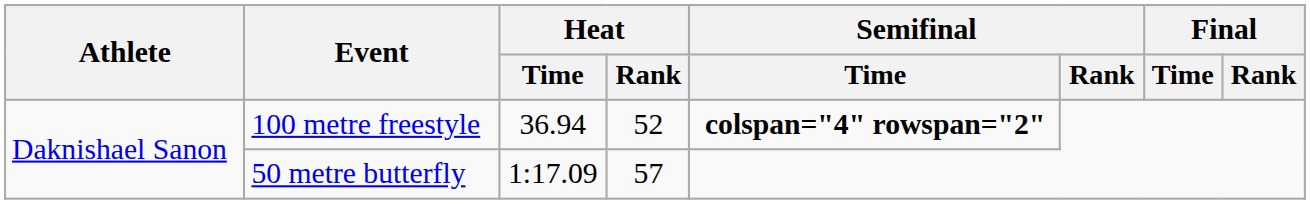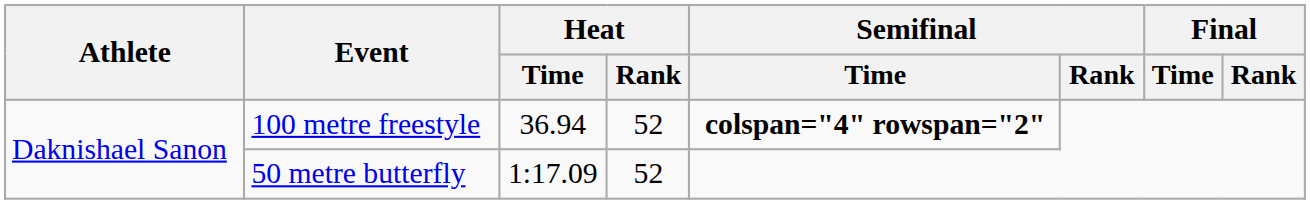 <table class="wikitable" style="text-align:center; font-size:90%; width:50%;">
 <tr>
 <th rowspan="2">Athlete</th>
 <th rowspan="2">Event</th>
 <th colspan="2">Heat</th>
 <th colspan="2">Semifinal</th>
 <th colspan="2">Final</th>
 </tr>
 <tr style="font-size:95%">
 <th>Time</th>
 <th>Rank</th>
 <th>Time</th>
 <th>Rank</th>
 <th>Time</th>
 <th>Rank</th>
 </tr>
 <tr>
 <td align=left rowspan=2><a href='#'>Daknishael Sanon</a></td>
 <td align=left><a href='#'>100 metre freestyle</a></td>
 <td>36.94</td>
 <td>52</td>
 <td><strong>colspan="4" rowspan="2" </strong></td>
 </tr>
 <tr>
 <td align=left><a href='#'>50 metre butterfly</a></td>
 <td>1:17.09</td>
-<td>57</td>
+<td>52</td>
 </tr>
 </table>
